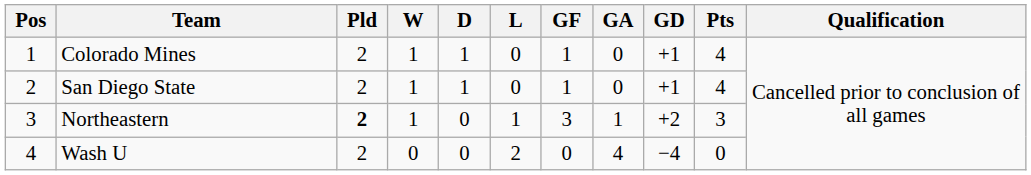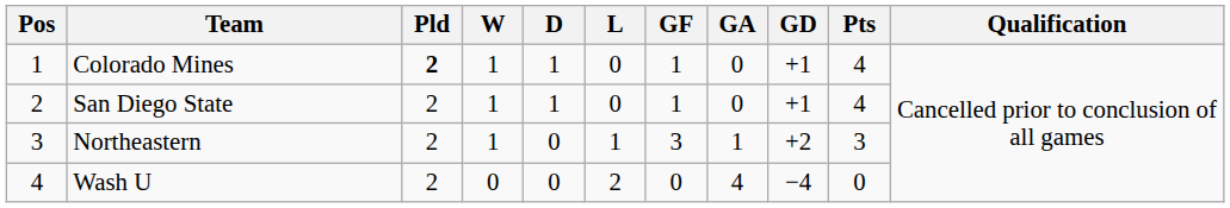 <table class="wikitable" style="text-align:center; margin: 1em auto">
 <tr>
 <th style="width:2em">Pos</th>
 <th style="width:13em">Team</th>
 <th style="width:2em">Pld</th>
 <th style="width:2em">W</th>
 <th style="width:2em">D</th>
 <th style="width:2em">L</th>
 <th style="width:2em">GF</th>
 <th style="width:2em">GA</th>
 <th style="width:2em">GD</th>
 <th style="width:2em">Pts</th>
 <th style="width:13em">Qualification</th>
 </tr>
 <tr>
 <td>1</td>
 <td style="text-align:left">Colorado Mines</td>
-<td>2</td>
+<td><strong>2</strong></td>
 <td>1</td>
 <td>1</td>
 <td>0</td>
 <td>1</td>
 <td>0</td>
 <td>+1</td>
 <td>4</td>
 <td rowspan="4">Cancelled prior to conclusion of all games</td>
 </tr>
 <tr>
 <td>2</td>
 <td style="text-align:left">San Diego State</td>
 <td>2</td>
 <td>1</td>
 <td>1</td>
 <td>0</td>
 <td>1</td>
 <td>0</td>
 <td>+1</td>
 <td>4</td>
 </tr>
 <tr>
 <td>3</td>
 <td style="text-align:left">Northeastern</td>
-<td><strong>2</strong></td>
+<td>2</td>
 <td>1</td>
 <td>0</td>
 <td>1</td>
 <td>3</td>
 <td>1</td>
 <td>+2</td>
 <td>3</td>
 </tr>
 <tr>
 <td>4</td>
 <td style="text-align:left">Wash U</td>
 <td>2</td>
 <td>0</td>
 <td>0</td>
 <td>2</td>
 <td>0</td>
 <td>4</td>
 <td>−4</td>
 <td>0</td>
 </tr>
 </table>
